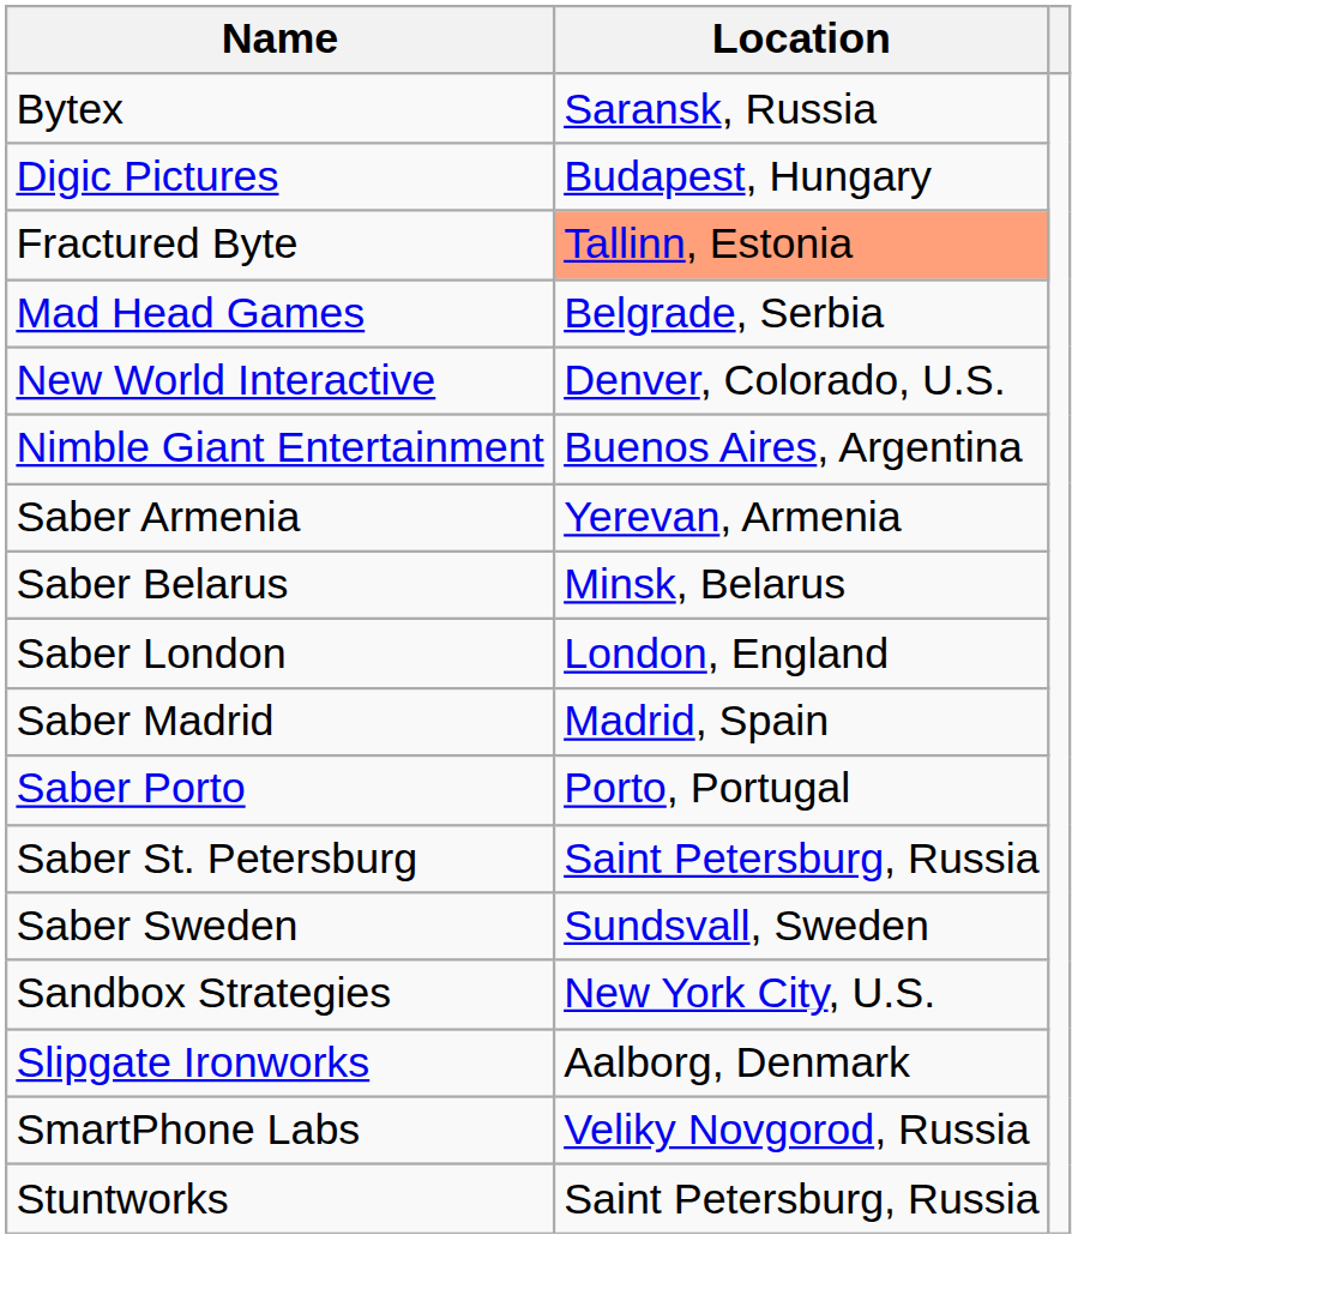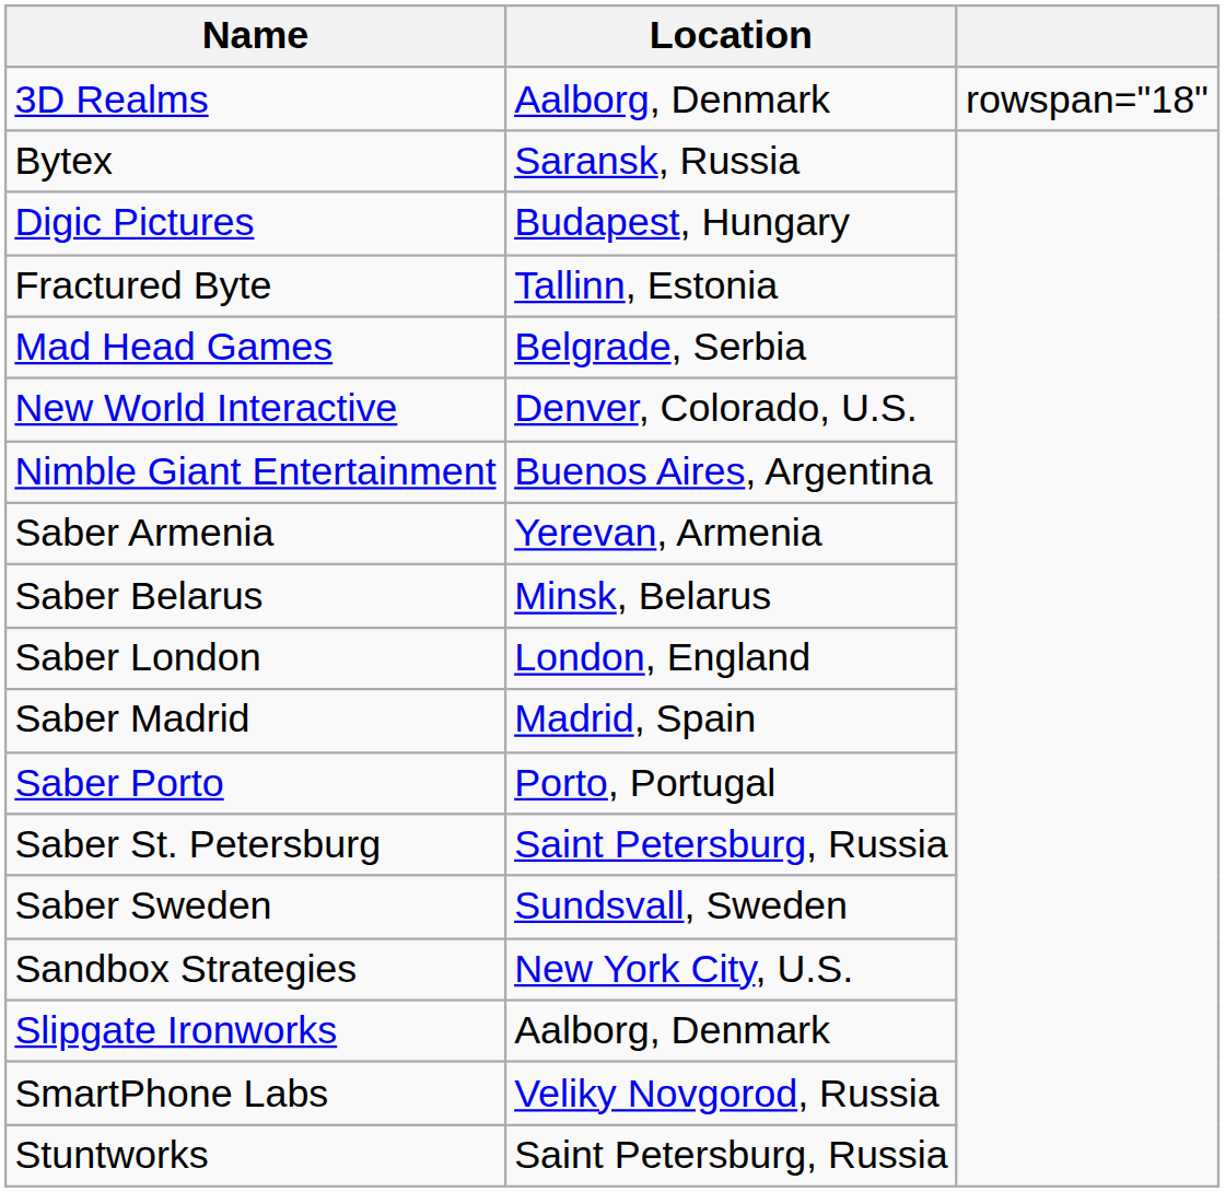 <table class="wikitable sortable plainrowheaders">
 <tr>
 <th scope="col">Name</th>
 <th scope="col">Location</th>
 <th scope="col" class="unsortable"></th>
+</tr>
+<tr>
+<td><a href='#'>3D Realms</a></td>
+<td><a href='#'>Aalborg</a>, Denmark</td>
+<td>rowspan="18" </td>
 </tr>
 <tr>
 <td>Bytex</td>
 <td><a href='#'>Saransk</a>, Russia</td>
 </tr>
 <tr>
 <td><a href='#'>Digic Pictures</a></td>
 <td><a href='#'>Budapest</a>, Hungary</td>
 </tr>
 <tr>
 <td>Fractured Byte</td>
-<td style="background: lightsalmon;"><a href='#'>Tallinn</a>, Estonia</td>
+<td><a href='#'>Tallinn</a>, Estonia</td>
 </tr>
 <tr>
 <td><a href='#'>Mad Head Games</a></td>
 <td><a href='#'>Belgrade</a>, Serbia</td>
 </tr>
 <tr>
 <td><a href='#'>New World Interactive</a></td>
 <td><a href='#'>Denver</a>, Colorado, U.S.</td>
 </tr>
 <tr>
 <td><a href='#'>Nimble Giant Entertainment</a></td>
 <td><a href='#'>Buenos Aires</a>, Argentina</td>
 </tr>
 <tr>
 <td>Saber Armenia</td>
 <td><a href='#'>Yerevan</a>, Armenia</td>
 </tr>
 <tr>
 <td>Saber Belarus</td>
 <td><a href='#'>Minsk</a>, Belarus</td>
 </tr>
 <tr>
 <td>Saber London</td>
 <td><a href='#'>London</a>, England</td>
 </tr>
 <tr>
 <td>Saber Madrid</td>
 <td><a href='#'>Madrid</a>, Spain</td>
 </tr>
 <tr>
 <td><a href='#'>Saber Porto</a></td>
 <td><a href='#'>Porto</a>, Portugal</td>
 </tr>
 <tr>
 <td>Saber St. Petersburg</td>
 <td><a href='#'>Saint Petersburg</a>, Russia</td>
 </tr>
 <tr>
 <td>Saber Sweden</td>
 <td><a href='#'>Sundsvall</a>, Sweden</td>
 </tr>
 <tr>
 <td>Sandbox Strategies</td>
 <td><a href='#'>New York City</a>, U.S.</td>
 </tr>
 <tr>
 <td><a href='#'>Slipgate Ironworks</a></td>
 <td>Aalborg, Denmark</td>
 </tr>
 <tr>
 <td>SmartPhone Labs</td>
 <td><a href='#'>Veliky Novgorod</a>, Russia</td>
 </tr>
 <tr>
 <td>Stuntworks</td>
 <td>Saint Petersburg, Russia</td>
 </tr>
 </table>
